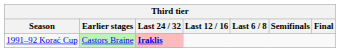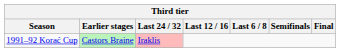 <table class="wikitable" style="font-size:90%">
 <tr>
 <th colspan=7>Third tier</th>
 </tr>
 <tr>
 <th>Season</th>
 <th>Earlier stages</th>
 <th>Last 24 / 32</th>
 <th>Last 12 / 16</th>
 <th>Last 6 / 8</th>
 <th>Semifinals</th>
 <th>Final</th>
 </tr>
 <tr>
 <td><a href='#'>1991–92 Korać Cup</a></td>
 <td bgcolor=#BBF3BB> <a href='#'>Castors Braine</a></td>
-<td bgcolor=#FFBBBB><strong> <a href='#'>Iraklis</a></strong></td>
+<td bgcolor=#FFBBBB> <a href='#'>Iraklis</a></td>
 </tr>
 </table>
